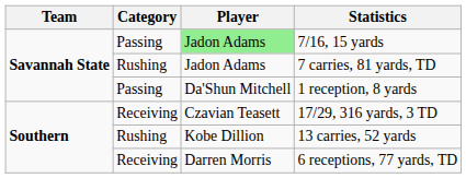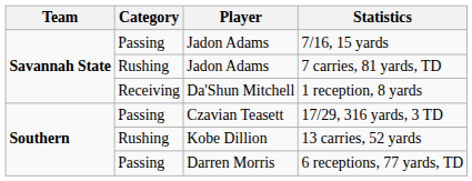 <table class="wikitable" style="float: right;">
 <tr>
 <th>Team</th>
 <th>Category</th>
 <th>Player</th>
 <th>Statistics</th>
 </tr>
 <tr>
 <td rowspan=3><strong>Savannah State</strong></td>
 <td>Passing</td>
-<td style="background: lightgreen;">Jadon Adams</td>
+<td>Jadon Adams</td>
 <td>7/16, 15 yards</td>
 </tr>
 <tr>
 <td>Rushing</td>
 <td>Jadon Adams</td>
 <td>7 carries, 81 yards, TD</td>
 </tr>
 <tr>
-<td>Passing</td>
+<td>Receiving</td>
 <td>Da'Shun Mitchell</td>
 <td>1 reception, 8 yards</td>
 </tr>
 <tr>
 <td rowspan=3><strong>Southern</strong></td>
-<td>Receiving</td>
+<td>Passing</td>
 <td>Czavian Teasett</td>
 <td>17/29, 316 yards, 3 TD</td>
 </tr>
 <tr>
 <td>Rushing</td>
 <td>Kobe Dillion</td>
 <td>13 carries, 52 yards</td>
 </tr>
 <tr>
-<td>Receiving</td>
+<td>Passing</td>
 <td>Darren Morris</td>
 <td>6 receptions, 77 yards, TD</td>
 </tr>
 </table>
